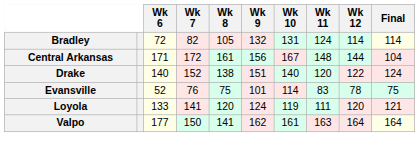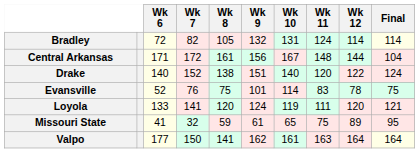 <table class="wikitable" style="text-align:center; width:50%">
 <tr>
 <th colspan=2 style="background:white; border-top-style:hidden; border-left-style:hidden;"> </th>
 <th>Wk<br>6</th>
 <th>Wk<br>7</th>
 <th>Wk<br>8</th>
 <th>Wk<br>9</th>
 <th>Wk<br>10</th>
 <th>Wk<br>11</th>
 <th>Wk<br>12</th>
 <th>Final</th>
 </tr>
 <tr style="text-align:center;">
 <th>Bradley</th>
 <th></th>
 <td style="background:#FFFFE6">72</td>
 <td style="background:#FFE6E6">82</td>
 <td style="background:#FFE6E6">105</td>
 <td style="background:#FFE6E6">132</td>
 <td style="background:#D8FFEB">131</td>
 <td style="background:#D8FFEB">124</td>
 <td style="background:#D8FFEB">114</td>
 <td style="background:#FFFFE6">114</td>
 </tr>
 <tr style="text-align:center;">
 <th>Central Arkansas</th>
 <th></th>
 <td style="background:#FFFFE6">171</td>
 <td style="background:#FFE6E6">172</td>
 <td style="background:#D8FFEB">161</td>
 <td style="background:#D8FFEB">156</td>
 <td style="background:#FFE6E6">167</td>
 <td style="background:#D8FFEB">148</td>
 <td style="background:#D8FFEB">144</td>
 <td style="background:#FFE6E6">104</td>
 </tr>
 <tr style="text-align:center;">
 <th>Drake</th>
 <th></th>
 <td style="background:#FFFFE6">140</td>
 <td style="background:#FFE6E6">152</td>
 <td style="background:#D8FFEB">138</td>
 <td style="background:#FFE6E6">151</td>
 <td style="background:#D8FFEB">140</td>
 <td style="background:#D8FFEB">120</td>
 <td style="background:#FFE6E6">122</td>
 <td style="background:#FFE6E6">124</td>
 </tr>
 <tr style="text-align:center;">
 <th>Evansville</th>
 <th></th>
 <td style="background:#FFFFE6">52</td>
 <td style="background:#FFE6E6">76</td>
 <td style="background:#D8FFEB">75</td>
 <td style="background:#FFE6E6">101</td>
 <td style="background:#FFE6E6">114</td>
 <td style="background:#D8FFEB">83</td>
 <td style="background:#D8FFEB">78</td>
 <td style="background:#D8FFEB">75</td>
 </tr>
 <tr style="text-align:center;">
 <th>Loyola</th>
 <th></th>
 <td style="background:#FFFFE6">133</td>
 <td style="background:#FFE6E6">141</td>
 <td style="background:#D8FFEB">120</td>
 <td style="background:#FFE6E6">124</td>
 <td style="background:#D8FFEB">119</td>
 <td style="background:#D8FFEB">111</td>
 <td style="background:#FFE6E6">120</td>
 <td style="background:#FFE6E6">121</td>
 </tr>
 <tr style="text-align:center;">
+<th>Missouri State</th>
+<th></th>
+<td style="background:#FFFFE6">41</td>
+<td style="background:#D8FFEB">32</td>
+<td style="background:#FFE6E6">59</td>
+<td style="background:#FFE6E6">61</td>
+<td style="background:#FFE6E6">65</td>
+<td style="background:#FFE6E6">75</td>
+<td style="background:#FFE6E6">89</td>
+<td style="background:#FFE6E6">95</td>
+</tr>
+<tr style="text-align:center;">
 <th>Valpo</th>
 <th></th>
 <td style="background:#FFFFE6">177</td>
 <td style="background:#D8FFEB">150</td>
 <td style="background:#D8FFEB">141</td>
 <td style="background:#FFE6E6">162</td>
 <td style="background:#D8FFEB">161</td>
 <td style="background:#FFE6E6">163</td>
 <td style="background:#FFE6E6">164</td>
 <td style="background:#FFFFE6">164</td>
 </tr>
 </table>
